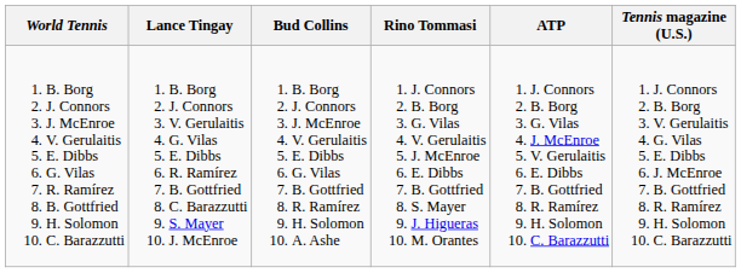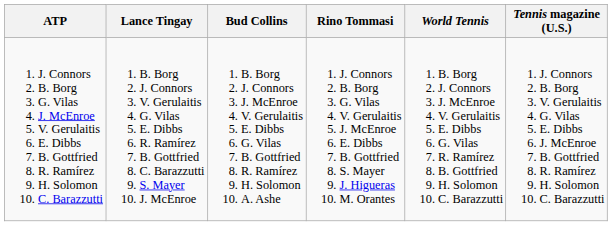 <table class="wikitable">
 <tr>
-<th><em>World Tennis</em></th>
+<th>ATP</th>
 <th>Lance Tingay</th>
 <th>Bud Collins</th>
 <th>Rino Tommasi</th>
-<th>ATP</th>
+<th><em>World Tennis</em></th>
 <th><em>Tennis</em> magazine<br>(U.S.)</th>
 </tr>
 <tr style="vertical-align: top;">
-<td style="white-space: nowrap;"><br><ol><li> B. Borg</li><li> J. Connors</li><li> J. McEnroe</li><li> V. Gerulaitis</li><li> E. Dibbs</li><li> G. Vilas</li><li> R. Ramírez</li><li> B. Gottfried</li><li> H. Solomon</li><li> C. Barazzutti</li></ol></td>
+<td style="white-space: nowrap;"><br><ol><li> J. Connors</li><li> B. Borg</li><li> G. Vilas</li><li> <a href='#'>J. McEnroe</a></li><li> V. Gerulaitis</li><li> E. Dibbs</li><li> B. Gottfried</li><li> R. Ramírez</li><li> H. Solomon</li><li> <a href='#'>C. Barazzutti</a></li></ol></td>
 <td style="white-space: nowrap;"><br><ol><li> B. Borg</li><li> J. Connors</li><li> V. Gerulaitis</li><li> G. Vilas</li><li> E. Dibbs</li><li> R. Ramírez</li><li> B. Gottfried</li><li> C. Barazzutti</li><li> <a href='#'>S. Mayer</a></li><li> J. McEnroe</li></ol></td>
 <td style="white-space: nowrap;"><br><ol><li> B. Borg</li><li> J. Connors</li><li> J. McEnroe</li><li> V. Gerulaitis</li><li> E. Dibbs</li><li> G. Vilas</li><li> B. Gottfried</li><li> R. Ramírez</li><li> H. Solomon</li><li> A. Ashe</li></ol></td>
 <td style="white-space: nowrap;"><br><ol><li> J. Connors</li><li> B. Borg</li><li> G. Vilas</li><li> V. Gerulaitis</li><li> J. McEnroe</li><li> E. Dibbs</li><li> B. Gottfried</li><li> S. Mayer</li><li> <a href='#'>J. Higueras</a></li><li> M. Orantes</li></ol></td>
-<td style="white-space: nowrap;"><br><ol><li> J. Connors</li><li> B. Borg</li><li> G. Vilas</li><li> <a href='#'>J. McEnroe</a></li><li> V. Gerulaitis</li><li> E. Dibbs</li><li> B. Gottfried</li><li> R. Ramírez</li><li> H. Solomon</li><li> <a href='#'>C. Barazzutti</a></li></ol></td>
+<td style="white-space: nowrap;"><br><ol><li> B. Borg</li><li> J. Connors</li><li> J. McEnroe</li><li> V. Gerulaitis</li><li> E. Dibbs</li><li> G. Vilas</li><li> R. Ramírez</li><li> B. Gottfried</li><li> H. Solomon</li><li> C. Barazzutti</li></ol></td>
 <td style="white-space: nowrap;"><br><ol><li> J. Connors</li><li> B. Borg</li><li> V. Gerulaitis</li><li> G. Vilas</li><li> E. Dibbs</li><li> J. McEnroe</li><li> B. Gottfried</li><li> R. Ramírez</li><li> H. Solomon</li><li> C. Barazzutti</li></ol></td>
 </tr>
 </table>
